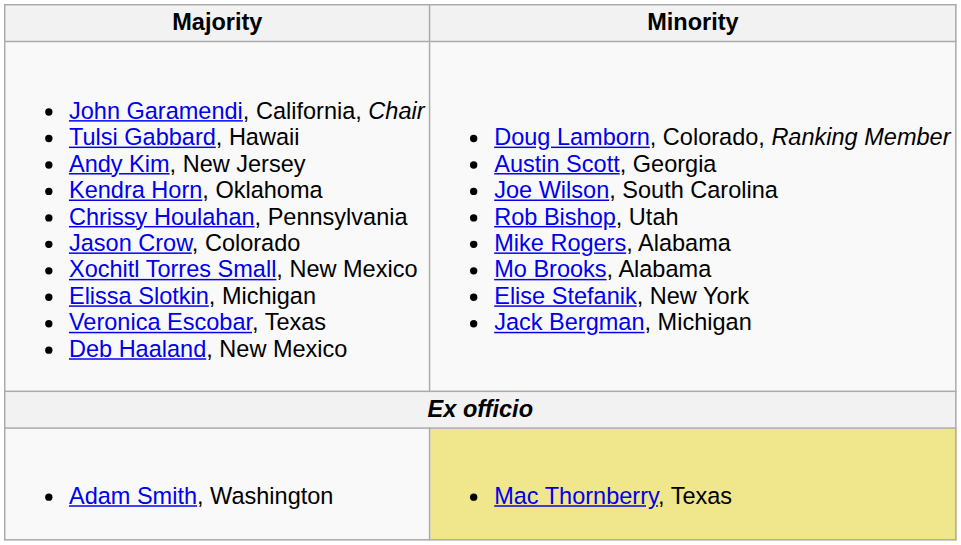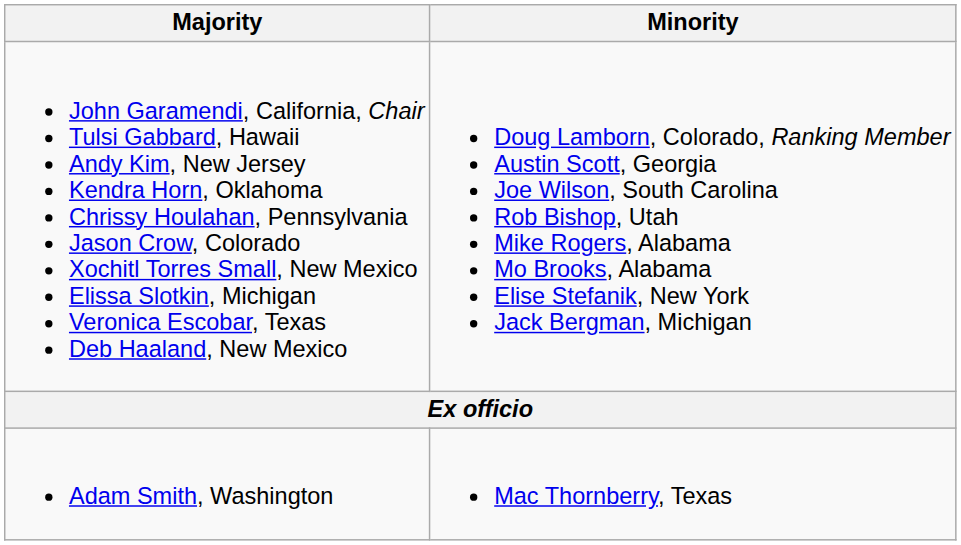 <table class=wikitable>
 <tr>
 <th>Majority</th>
 <th>Minority</th>
 </tr>
 <tr>
 <td><br><ul><li><a href='#'>John Garamendi</a>, California, <em>Chair</em></li><li><a href='#'>Tulsi Gabbard</a>, Hawaii</li><li><a href='#'>Andy Kim</a>, New Jersey</li><li><a href='#'>Kendra Horn</a>, Oklahoma</li><li><a href='#'>Chrissy Houlahan</a>, Pennsylvania</li><li><a href='#'>Jason Crow</a>, Colorado</li><li><a href='#'>Xochitl Torres Small</a>, New Mexico</li><li><a href='#'>Elissa Slotkin</a>, Michigan</li><li><a href='#'>Veronica Escobar</a>, Texas</li><li><a href='#'>Deb Haaland</a>, New Mexico</li></ul></td>
 <td><br><ul><li><a href='#'>Doug Lamborn</a>, Colorado, <em>Ranking Member</em></li><li><a href='#'>Austin Scott</a>, Georgia</li><li><a href='#'>Joe Wilson</a>, South Carolina</li><li><a href='#'>Rob Bishop</a>, Utah</li><li><a href='#'>Mike Rogers</a>, Alabama</li><li><a href='#'>Mo Brooks</a>, Alabama</li><li><a href='#'>Elise Stefanik</a>, New York</li><li><a href='#'>Jack Bergman</a>, Michigan</li></ul></td>
 </tr>
 <tr>
 <th colspan=2><em>Ex officio</em></th>
 </tr>
 <tr>
 <td><br><ul><li><a href='#'>Adam Smith</a>, Washington</li></ul></td>
-<td style="background: khaki;"><br><ul><li><a href='#'>Mac Thornberry</a>, Texas</li></ul></td>
+<td><br><ul><li><a href='#'>Mac Thornberry</a>, Texas</li></ul></td>
 </tr>
 </table>
